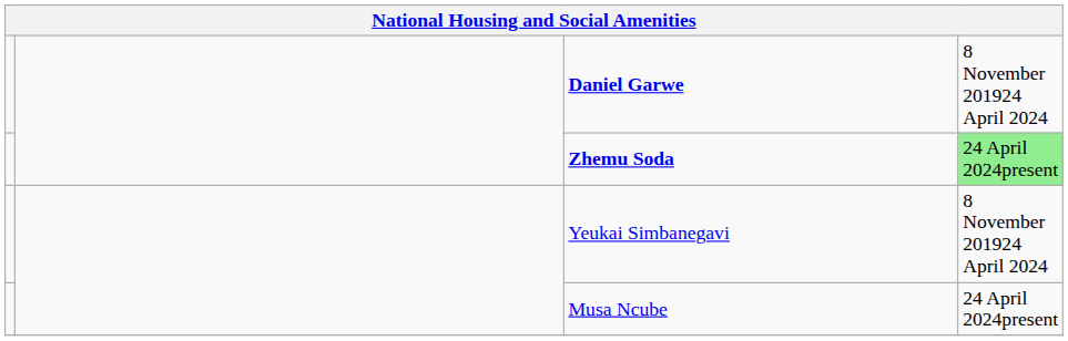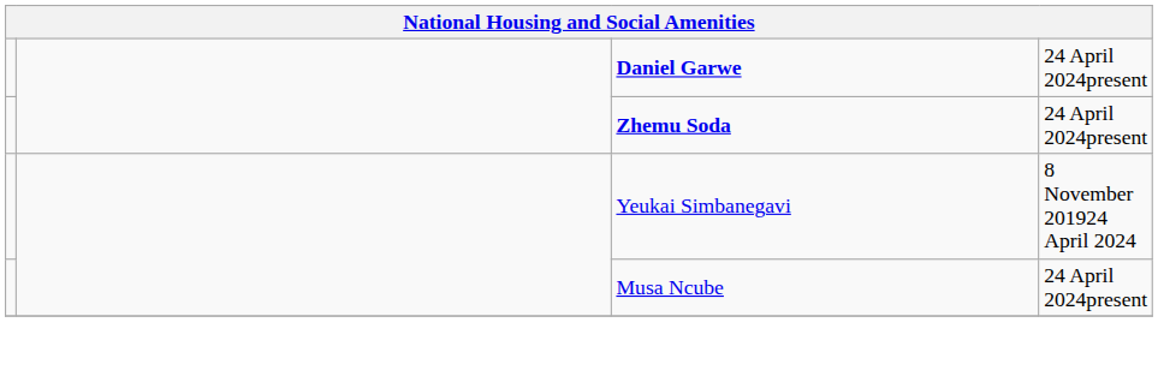 <table class="wikitable">
 <tr>
 <th colspan="4"><a href='#'>National Housing and Social Amenities</a></th>
 </tr>
 <tr>
 <td style="width: 1px; background: "></td>
 <td rowspan="2" style="width: 450px;"></td>
 <td style="width: 320px;"> <strong><a href='#'>Daniel Garwe</a></strong></td>
-<td>8 November 201924 April 2024</td>
+<td>24 April 2024present</td>
 </tr>
 <tr>
 <td style="width: 1px; background: "></td>
 <td style="width: 320px;"> <strong><a href='#'>Zhemu Soda</a></strong></td>
-<td style="background: lightgreen;">24 April 2024present</td>
+<td>24 April 2024present</td>
 </tr>
 <tr>
 <td style="width: 1px; background: "></td>
 <td rowspan="2" style="width: 450px;"></td>
 <td style="width: 320px;"> <a href='#'>Yeukai Simbanegavi</a></td>
 <td>8 November 201924 April 2024</td>
 </tr>
 <tr>
 <td style="width: 1px; background: "></td>
 <td style="width: 320px;"> <a href='#'>Musa Ncube</a></td>
 <td>24 April 2024present</td>
 </tr>
 <tr>
 </tr>
 </table>
